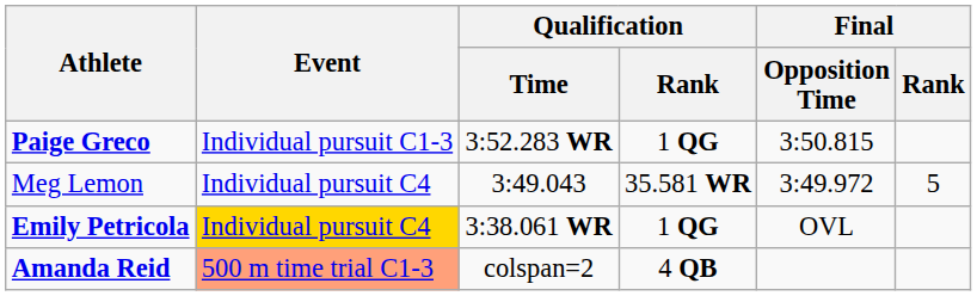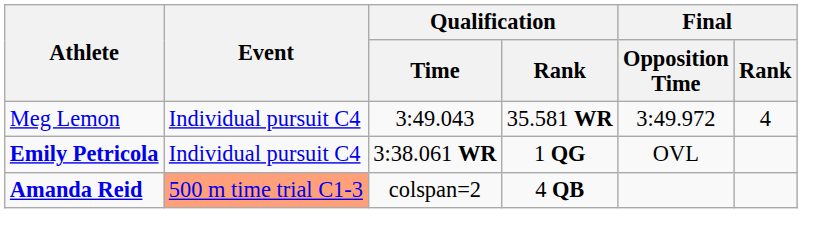 <table class=wikitable>
 <tr>
 <th rowspan="2">Athlete</th>
 <th rowspan="2">Event</th>
 <th colspan="2">Qualification</th>
 <th colspan="2">Final</th>
 </tr>
 <tr>
 <th>Time</th>
 <th>Rank</th>
 <th>Opposition<br>Time</th>
 <th>Rank</th>
 </tr>
 <tr align=center>
-<td align=left><strong><a href='#'>Paige Greco</a></strong></td>
-<td align=left><a href='#'>Individual pursuit C1-3</a></td>
-<td>3:52.283 <strong>WR</strong></td>
-<td>1 <strong>QG</strong></td>
-<td>3:50.815</td>
-<td></td>
-</tr>
-<tr align=center>
 <td align=left><a href='#'>Meg Lemon</a></td>
 <td align=left><a href='#'>Individual pursuit C4</a></td>
 <td>3:49.043</td>
 <td>35.581 <strong>WR</strong></td>
 <td>3:49.972</td>
-<td>5</td>
+<td>4</td>
 </tr>
 <tr align=center>
 <td align=left><strong><a href='#'>Emily Petricola</a></strong></td>
-<td align=left style="background: gold;"><a href='#'>Individual pursuit C4</a></td>
+<td align=left><a href='#'>Individual pursuit C4</a></td>
 <td>3:38.061 <strong>WR</strong></td>
 <td>1 <strong>QG</strong></td>
 <td>OVL</td>
 <td></td>
 </tr>
 <tr align=center>
 <td align=left><strong><a href='#'>Amanda Reid</a></strong></td>
 <td align=left style="background: lightsalmon;"><a href='#'>500 m time trial C1-3</a></td>
 <td>colspan=2 </td>
 <td>4 <strong>QB</strong></td>
 <td></td>
 </tr>
 </table>
